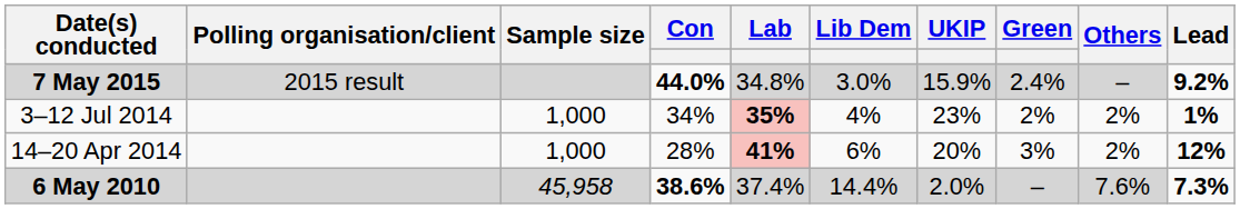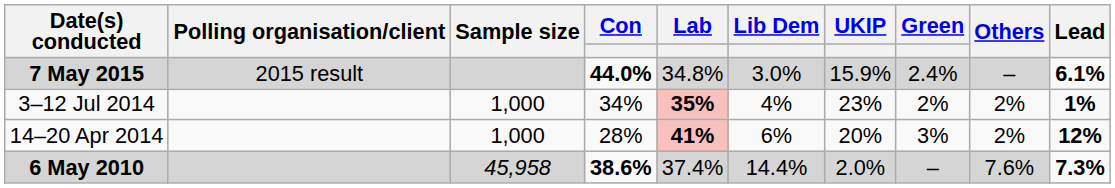 <table class="wikitable sortable" style="text-align:center;font-size:90%;line-height:14px">
 <tr>
 <th rowspan="2">Date(s)<br>conducted</th>
 <th rowspan="2">Polling organisation/client</th>
 <th rowspan="2">Sample size</th>
 <th><a href='#'>Con</a></th>
 <th><a href='#'>Lab</a></th>
 <th><a href='#'>Lib Dem</a></th>
 <th><a href='#'>UKIP</a></th>
 <th><a href='#'>Green</a></th>
 <th rowspan="2" class="unsortable"><a href='#'>Others</a></th>
 <th rowspan="2" class="unsortable">Lead</th>
 </tr>
 <tr>
 <th class="unsortable" style="background:"></th>
 <th class="unsortable" style="background:"></th>
 <th class="unsortable" style="background:"></th>
 <th class="unsortable" style="background:"></th>
 <th class="unsortable" style="background:"></th>
 </tr>
 <tr>
 <td style="background:#D5D5D5"><strong>7 May 2015</strong></td>
 <td style="background:#D5D5D5">2015 result</td>
 <td style="background:#D5D5D5"></td>
 <td style="background:"><strong>44.0%</strong></td>
 <td style="background:#D5D5D5">34.8%</td>
 <td style="background:#D5D5D5">3.0%</td>
 <td style="background:#D5D5D5">15.9%</td>
 <td style="background:#D5D5D5">2.4%</td>
 <td style="background:#D5D5D5">–</td>
-<td style="background:"><strong>9.2%</strong></td>
+<td style="background:"><strong>6.1%</strong></td>
 </tr>
 <tr>
 <td>3–12 Jul 2014</td>
 <td></td>
 <td>1,000</td>
 <td>34%</td>
 <td style="background:#F8C1BE"><strong>35%</strong></td>
 <td>4%</td>
 <td>23%</td>
 <td>2%</td>
 <td>2%</td>
 <td style="background:"><strong>1%</strong></td>
 </tr>
 <tr>
 <td>14–20 Apr 2014</td>
 <td></td>
 <td>1,000</td>
 <td>28%</td>
 <td style="background:#F8C1BE"><strong>41%</strong></td>
 <td>6%</td>
 <td>20%</td>
 <td>3%</td>
 <td>2%</td>
 <td style="background:"><strong>12%</strong></td>
 </tr>
 <tr>
 <td style="background:#D5D5D5"><strong>6 May 2010</strong></td>
 <td style="background:#D5D5D5"></td>
 <td style="background:#D5D5D5"><em>45,958</em></td>
 <td style="background:"><strong>38.6%</strong></td>
 <td style="background:#D5D5D5">37.4%</td>
 <td style="background:#D5D5D5">14.4%</td>
 <td style="background:#D5D5D5">2.0%</td>
 <td style="background:#D5D5D5">–</td>
 <td style="background:#D5D5D5">7.6%</td>
 <td style="background:"><strong>7.3%</strong></td>
 </tr>
 </table>
